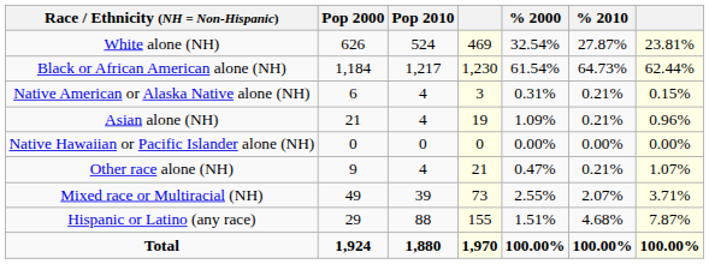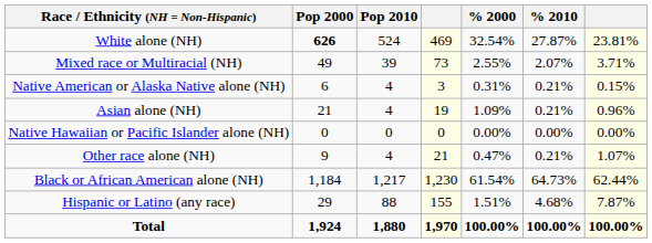 <table class="wikitable" style="text-align:center;">
 <tr>
 <th>Race / Ethnicity <small>(<em>NH = Non-Hispanic</em>)</small></th>
 <th>Pop 2000</th>
 <th>Pop 2010</th>
 <th></th>
 <th>% 2000</th>
 <th>% 2010</th>
 <th></th>
 </tr>
 <tr>
 <td><a href='#'>White</a> alone (NH)</td>
-<td>626</td>
+<td><strong>626</strong></td>
 <td>524</td>
 <td style='background: #ffffe6;'>469</td>
 <td>32.54%</td>
 <td>27.87%</td>
 <td style='background: #ffffe6;'>23.81%</td>
 </tr>
 <tr>
-<td><a href='#'>Black or African American</a> alone (NH)</td>
-<td>1,184</td>
-<td>1,217</td>
-<td style='background: #ffffe6;'>1,230</td>
-<td>61.54%</td>
-<td>64.73%</td>
-<td style='background: #ffffe6;'>62.44%</td>
+<td><a href='#'>Mixed race or Multiracial</a> (NH)</td>
+<td>49</td>
+<td>39</td>
+<td style='background: #ffffe6;'>73</td>
+<td>2.55%</td>
+<td>2.07%</td>
+<td style='background: #ffffe6;'>3.71%</td>
 </tr>
 <tr>
 <td><a href='#'>Native American</a> or <a href='#'>Alaska Native</a> alone (NH)</td>
 <td>6</td>
 <td>4</td>
 <td style='background: #ffffe6;'>3</td>
 <td>0.31%</td>
 <td>0.21%</td>
 <td style='background: #ffffe6;'>0.15%</td>
 </tr>
 <tr>
 <td><a href='#'>Asian</a> alone (NH)</td>
 <td>21</td>
 <td>4</td>
 <td style='background: #ffffe6;'>19</td>
 <td>1.09%</td>
 <td>0.21%</td>
 <td style='background: #ffffe6;'>0.96%</td>
 </tr>
 <tr>
 <td><a href='#'>Native Hawaiian</a> or <a href='#'>Pacific Islander</a> alone (NH)</td>
 <td>0</td>
 <td>0</td>
 <td style='background: #ffffe6;'>0</td>
 <td>0.00%</td>
 <td>0.00%</td>
 <td style='background: #ffffe6;'>0.00%</td>
 </tr>
 <tr>
 <td><a href='#'>Other race</a> alone (NH)</td>
 <td>9</td>
 <td>4</td>
 <td style='background: #ffffe6;'>21</td>
 <td>0.47%</td>
 <td>0.21%</td>
 <td style='background: #ffffe6;'>1.07%</td>
 </tr>
 <tr>
-<td><a href='#'>Mixed race or Multiracial</a> (NH)</td>
-<td>49</td>
-<td>39</td>
-<td style='background: #ffffe6;'>73</td>
-<td>2.55%</td>
-<td>2.07%</td>
-<td style='background: #ffffe6;'>3.71%</td>
+<td><a href='#'>Black or African American</a> alone (NH)</td>
+<td>1,184</td>
+<td>1,217</td>
+<td style='background: #ffffe6;'>1,230</td>
+<td>61.54%</td>
+<td>64.73%</td>
+<td style='background: #ffffe6;'>62.44%</td>
 </tr>
 <tr>
 <td><a href='#'>Hispanic or Latino</a> (any race)</td>
 <td>29</td>
 <td>88</td>
 <td style='background: #ffffe6;'>155</td>
 <td>1.51%</td>
 <td>4.68%</td>
 <td style='background: #ffffe6;'>7.87%</td>
 </tr>
 <tr>
 <td><strong>Total</strong></td>
 <td><strong>1,924</strong></td>
 <td><strong>1,880</strong></td>
 <td style='background: #ffffe6;'><strong>1,970</strong></td>
 <td><strong>100.00%</strong></td>
 <td><strong>100.00%</strong></td>
 <td style='background: #ffffe6;'><strong>100.00%</strong></td>
 </tr>
 </table>
